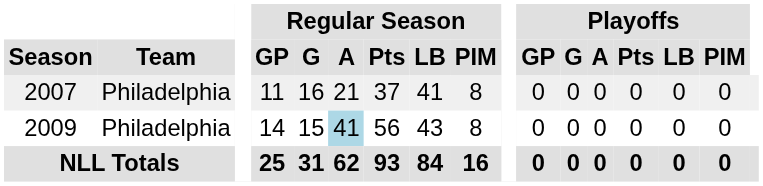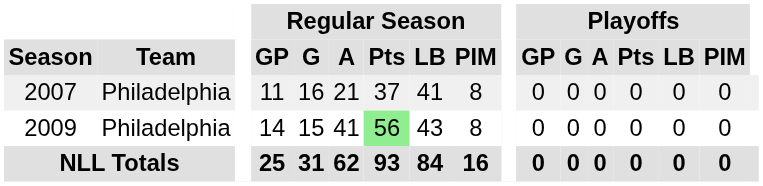 <table BORDER="0" CELLPADDING="3" CELLSPACING="0">
 <tr ALIGN="center" bgcolor="#e0e0e0">
 <th colspan="2" bgcolor="#ffffff"> </th>
 <th rowspan="99" bgcolor="#ffffff"> </th>
 <th colspan="6">Regular Season</th>
 <th rowspan="99" bgcolor="#ffffff"> </th>
 <th colspan="6">Playoffs</th>
 </tr>
 <tr ALIGN="center" bgcolor="#e0e0e0">
 <th>Season</th>
 <th>Team</th>
 <th>GP</th>
 <th>G</th>
 <th>A</th>
 <th>Pts</th>
 <th>LB</th>
 <th>PIM</th>
 <th>GP</th>
 <th>G</th>
 <th>A</th>
 <th>Pts</th>
 <th>LB</th>
 <th>PIM</th>
 </tr>
 <tr ALIGN="center" bgcolor="#f0f0f0">
 <td>2007</td>
 <td>Philadelphia</td>
 <td>11</td>
 <td>16</td>
 <td>21</td>
 <td>37</td>
 <td>41</td>
 <td>8</td>
 <td>0</td>
 <td>0</td>
 <td>0</td>
 <td>0</td>
 <td>0</td>
 <td>0</td>
 <td></td>
 </tr>
 <tr ALIGN="center">
 <td>2009</td>
 <td>Philadelphia</td>
 <td>14</td>
 <td>15</td>
-<td style="background: lightblue;">41</td>
-<td>56</td>
+<td>41</td>
+<td style="background: lightgreen;">56</td>
 <td>43</td>
 <td>8</td>
 <td>0</td>
 <td>0</td>
 <td>0</td>
 <td>0</td>
 <td>0</td>
 <td>0</td>
 <td></td>
 </tr>
 <tr ALIGN="center" bgcolor="#e0e0e0">
 <th colspan="2">NLL Totals</th>
 <th>25</th>
 <th>31</th>
 <th>62</th>
 <th>93</th>
 <th>84</th>
 <th>16</th>
 <th>0</th>
 <th>0</th>
 <th>0</th>
 <th>0</th>
 <th>0</th>
 <th>0</th>
 <th></th>
 </tr>
 </table>
